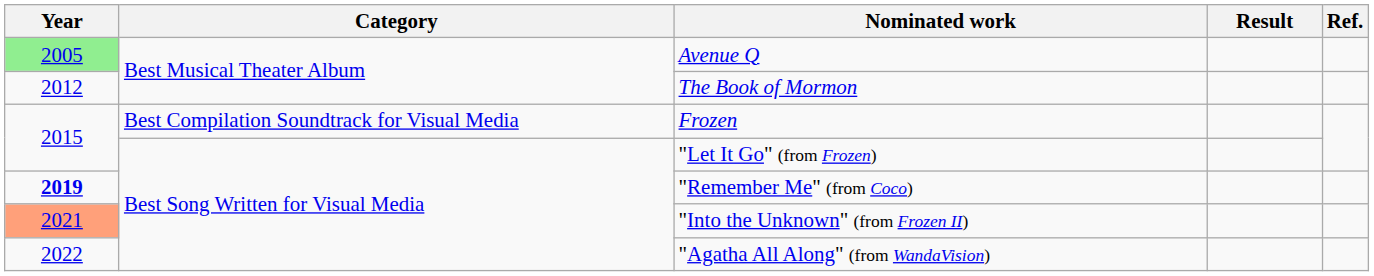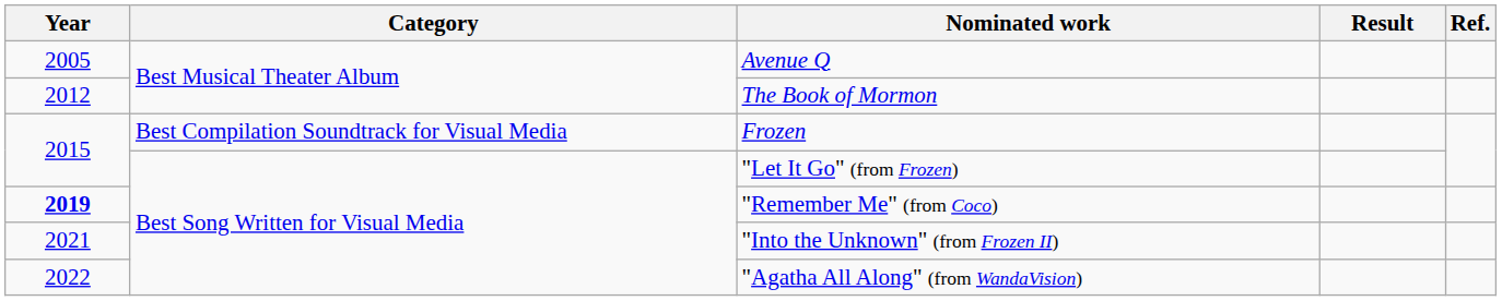 <table class=wikitable>
 <tr>
 <th scope="col" style="width:5em;">Year</th>
 <th scope="col" style="width:26em;">Category</th>
 <th scope="col" style="width:25em;">Nominated work</th>
 <th scope="col" style="width:5em;">Result</th>
 <th>Ref.</th>
 </tr>
 <tr>
-<td style="background: lightgreen; text-align:center;"><a href='#'>2005</a></td>
+<td style="text-align:center;"><a href='#'>2005</a></td>
 <td rowspan="2"><a href='#'>Best Musical Theater Album</a></td>
 <td><em><a href='#'>Avenue Q</a></em></td>
 <td></td>
 <td></td>
 </tr>
 <tr>
 <td style="text-align:center;"><a href='#'>2012</a></td>
 <td><em><a href='#'>The Book of Mormon</a></em></td>
 <td></td>
 <td></td>
 </tr>
 <tr>
 <td rowspan="2" style="text-align:center;"><a href='#'>2015</a></td>
 <td><a href='#'>Best Compilation Soundtrack for Visual Media</a></td>
 <td><em><a href='#'>Frozen</a></em></td>
 <td></td>
 <td rowspan=2></td>
 </tr>
 <tr>
 <td rowspan="4"><a href='#'>Best Song Written for Visual Media</a></td>
 <td>"<a href='#'>Let It Go</a>" <small>(from <em><a href='#'>Frozen</a></em>)</small></td>
 <td></td>
 </tr>
 <tr>
 <td style="text-align:center;"><strong><a href='#'>2019</a></strong></td>
 <td>"<a href='#'>Remember Me</a>" <small>(from <em><a href='#'>Coco</a></em>)</small></td>
 <td></td>
 <td></td>
 </tr>
 <tr>
-<td style="background: lightsalmon; text-align:center;"><a href='#'>2021</a></td>
+<td style="text-align:center;"><a href='#'>2021</a></td>
 <td>"<a href='#'>Into the Unknown</a>" <small>(from <em><a href='#'>Frozen II</a></em>)</small></td>
 <td></td>
 <td></td>
 </tr>
 <tr>
 <td style="text-align:center;"><a href='#'>2022</a></td>
 <td>"<a href='#'>Agatha All Along</a>" <small>(from <em><a href='#'>WandaVision</a></em>)</small></td>
 <td></td>
 <td></td>
 </tr>
 </table>
